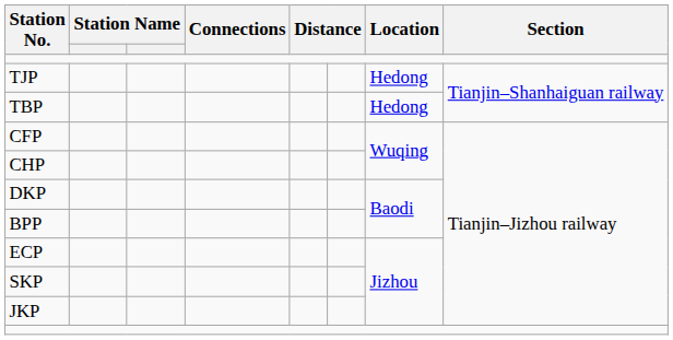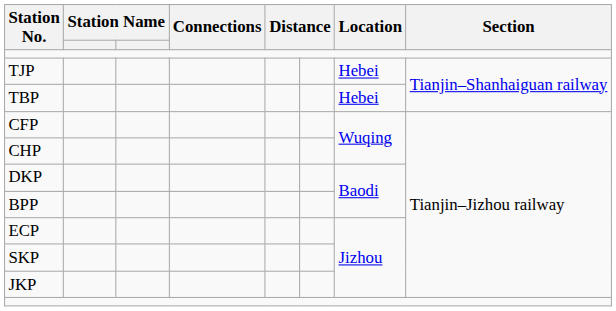 <table class="wikitable">
 <tr>
 <th rowspan="2">Station<br>No.</th>
 <th colspan="2">Station Name</th>
 <th rowspan="2">Connections</th>
 <th colspan="2" rowspan="2">Distance<br></th>
 <th rowspan="2">Location</th>
 <th rowspan="2">Section</th>
 </tr>
 <tr>
 <th></th>
 <th></th>
 </tr>
 <tr style="background:#">
 <td colspan = "8"></td>
 </tr>
 <tr>
 <td>TJP</td>
 <td></td>
 <td></td>
 <td><br>   </td>
 <td></td>
 <td></td>
-<td rowspan="1"><a href='#'>Hedong</a></td>
+<td rowspan="1"><a href='#'>Hebei</a></td>
 <td rowspan="2"><a href='#'>Tianjin–Shanhaiguan railway</a></td>
 </tr>
 <tr>
 <td>TBP</td>
 <td><br></td>
 <td></td>
 <td>  </td>
 <td></td>
 <td></td>
-<td rowspan="1"><a href='#'>Hedong</a></td>
+<td rowspan="1"><a href='#'>Hebei</a></td>
 </tr>
 <tr>
 <td>CFP</td>
 <td></td>
 <td></td>
 <td></td>
 <td></td>
 <td></td>
 <td rowspan="2"><a href='#'>Wuqing</a></td>
 <td rowspan="7">Tianjin–Jizhou railway</td>
 </tr>
 <tr>
 <td>CHP</td>
 <td></td>
 <td></td>
 <td></td>
 <td></td>
 <td></td>
 </tr>
 <tr>
 <td>DKP</td>
 <td></td>
 <td></td>
 <td></td>
 <td></td>
 <td></td>
 <td rowspan="2"><a href='#'>Baodi</a></td>
 </tr>
 <tr>
 <td>BPP</td>
 <td><br></td>
 <td></td>
 <td></td>
 <td></td>
 <td></td>
 </tr>
 <tr>
 <td>ECP</td>
 <td></td>
 <td></td>
 <td></td>
 <td></td>
 <td></td>
 <td rowspan="3"><a href='#'>Jizhou</a></td>
 </tr>
 <tr>
 <td>SKP</td>
 <td></td>
 <td></td>
 <td></td>
 <td></td>
 <td></td>
 </tr>
 <tr>
 <td>JKP</td>
 <td><br></td>
 <td></td>
 <td></td>
 <td></td>
 <td></td>
 </tr>
 <tr style="background:#">
 <td colspan = "8"></td>
 </tr>
 </table>
